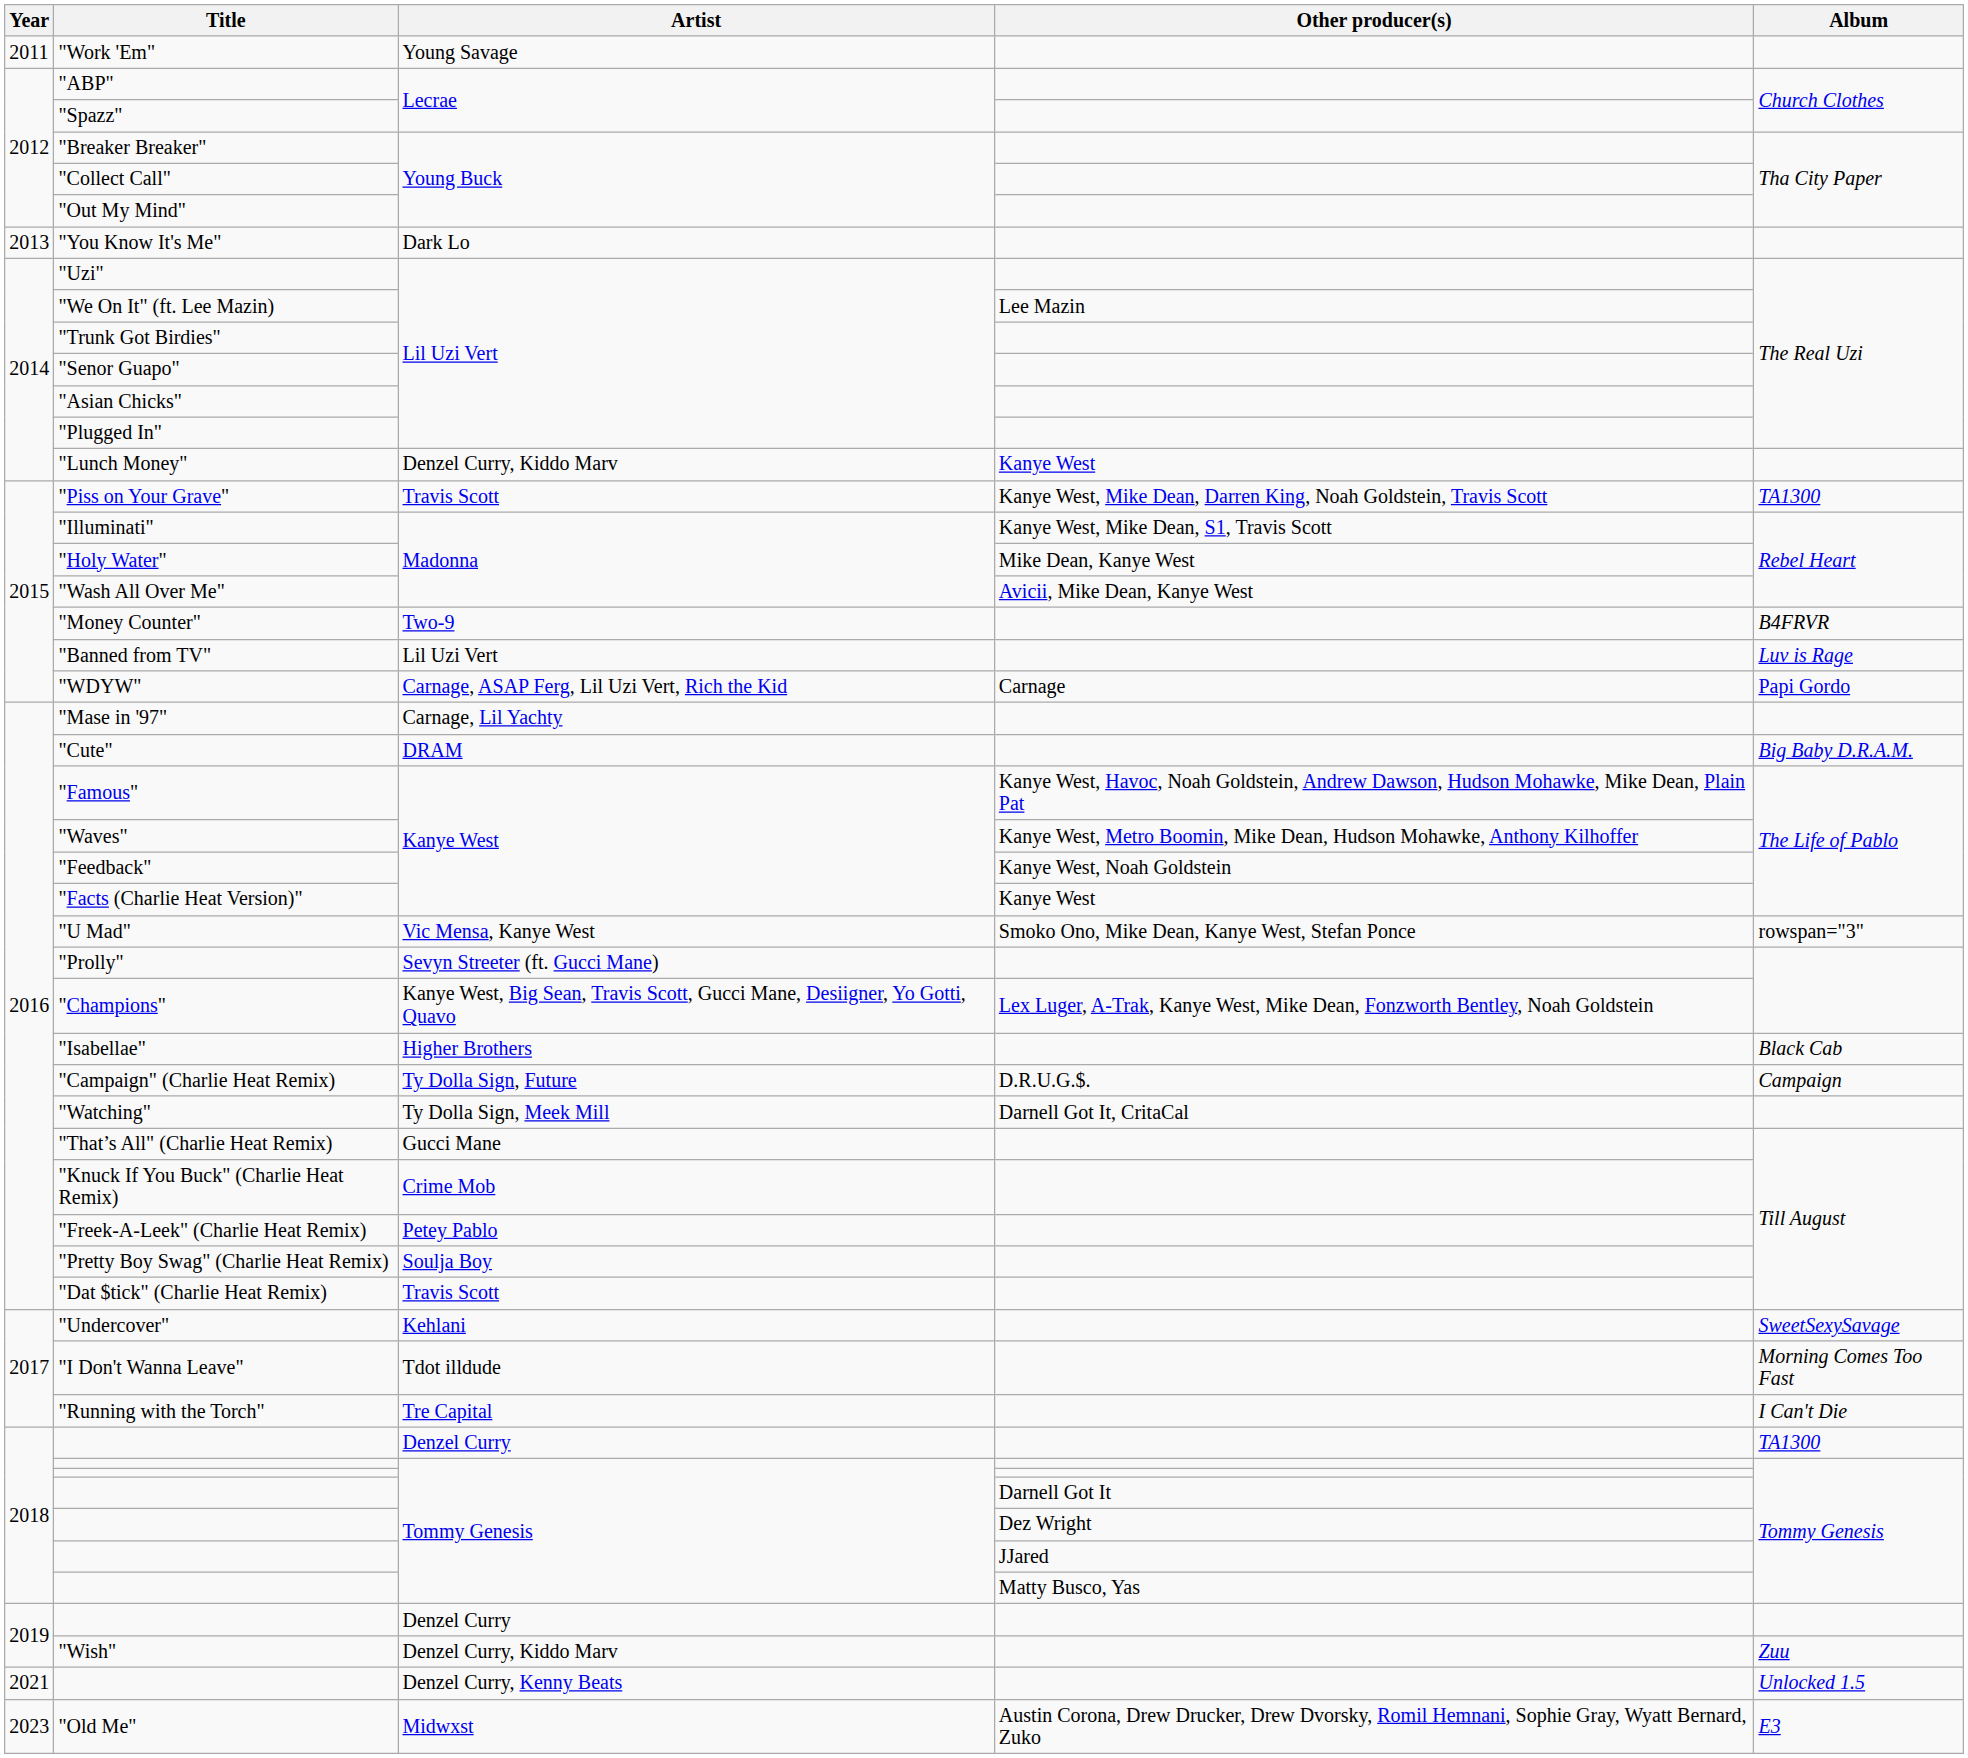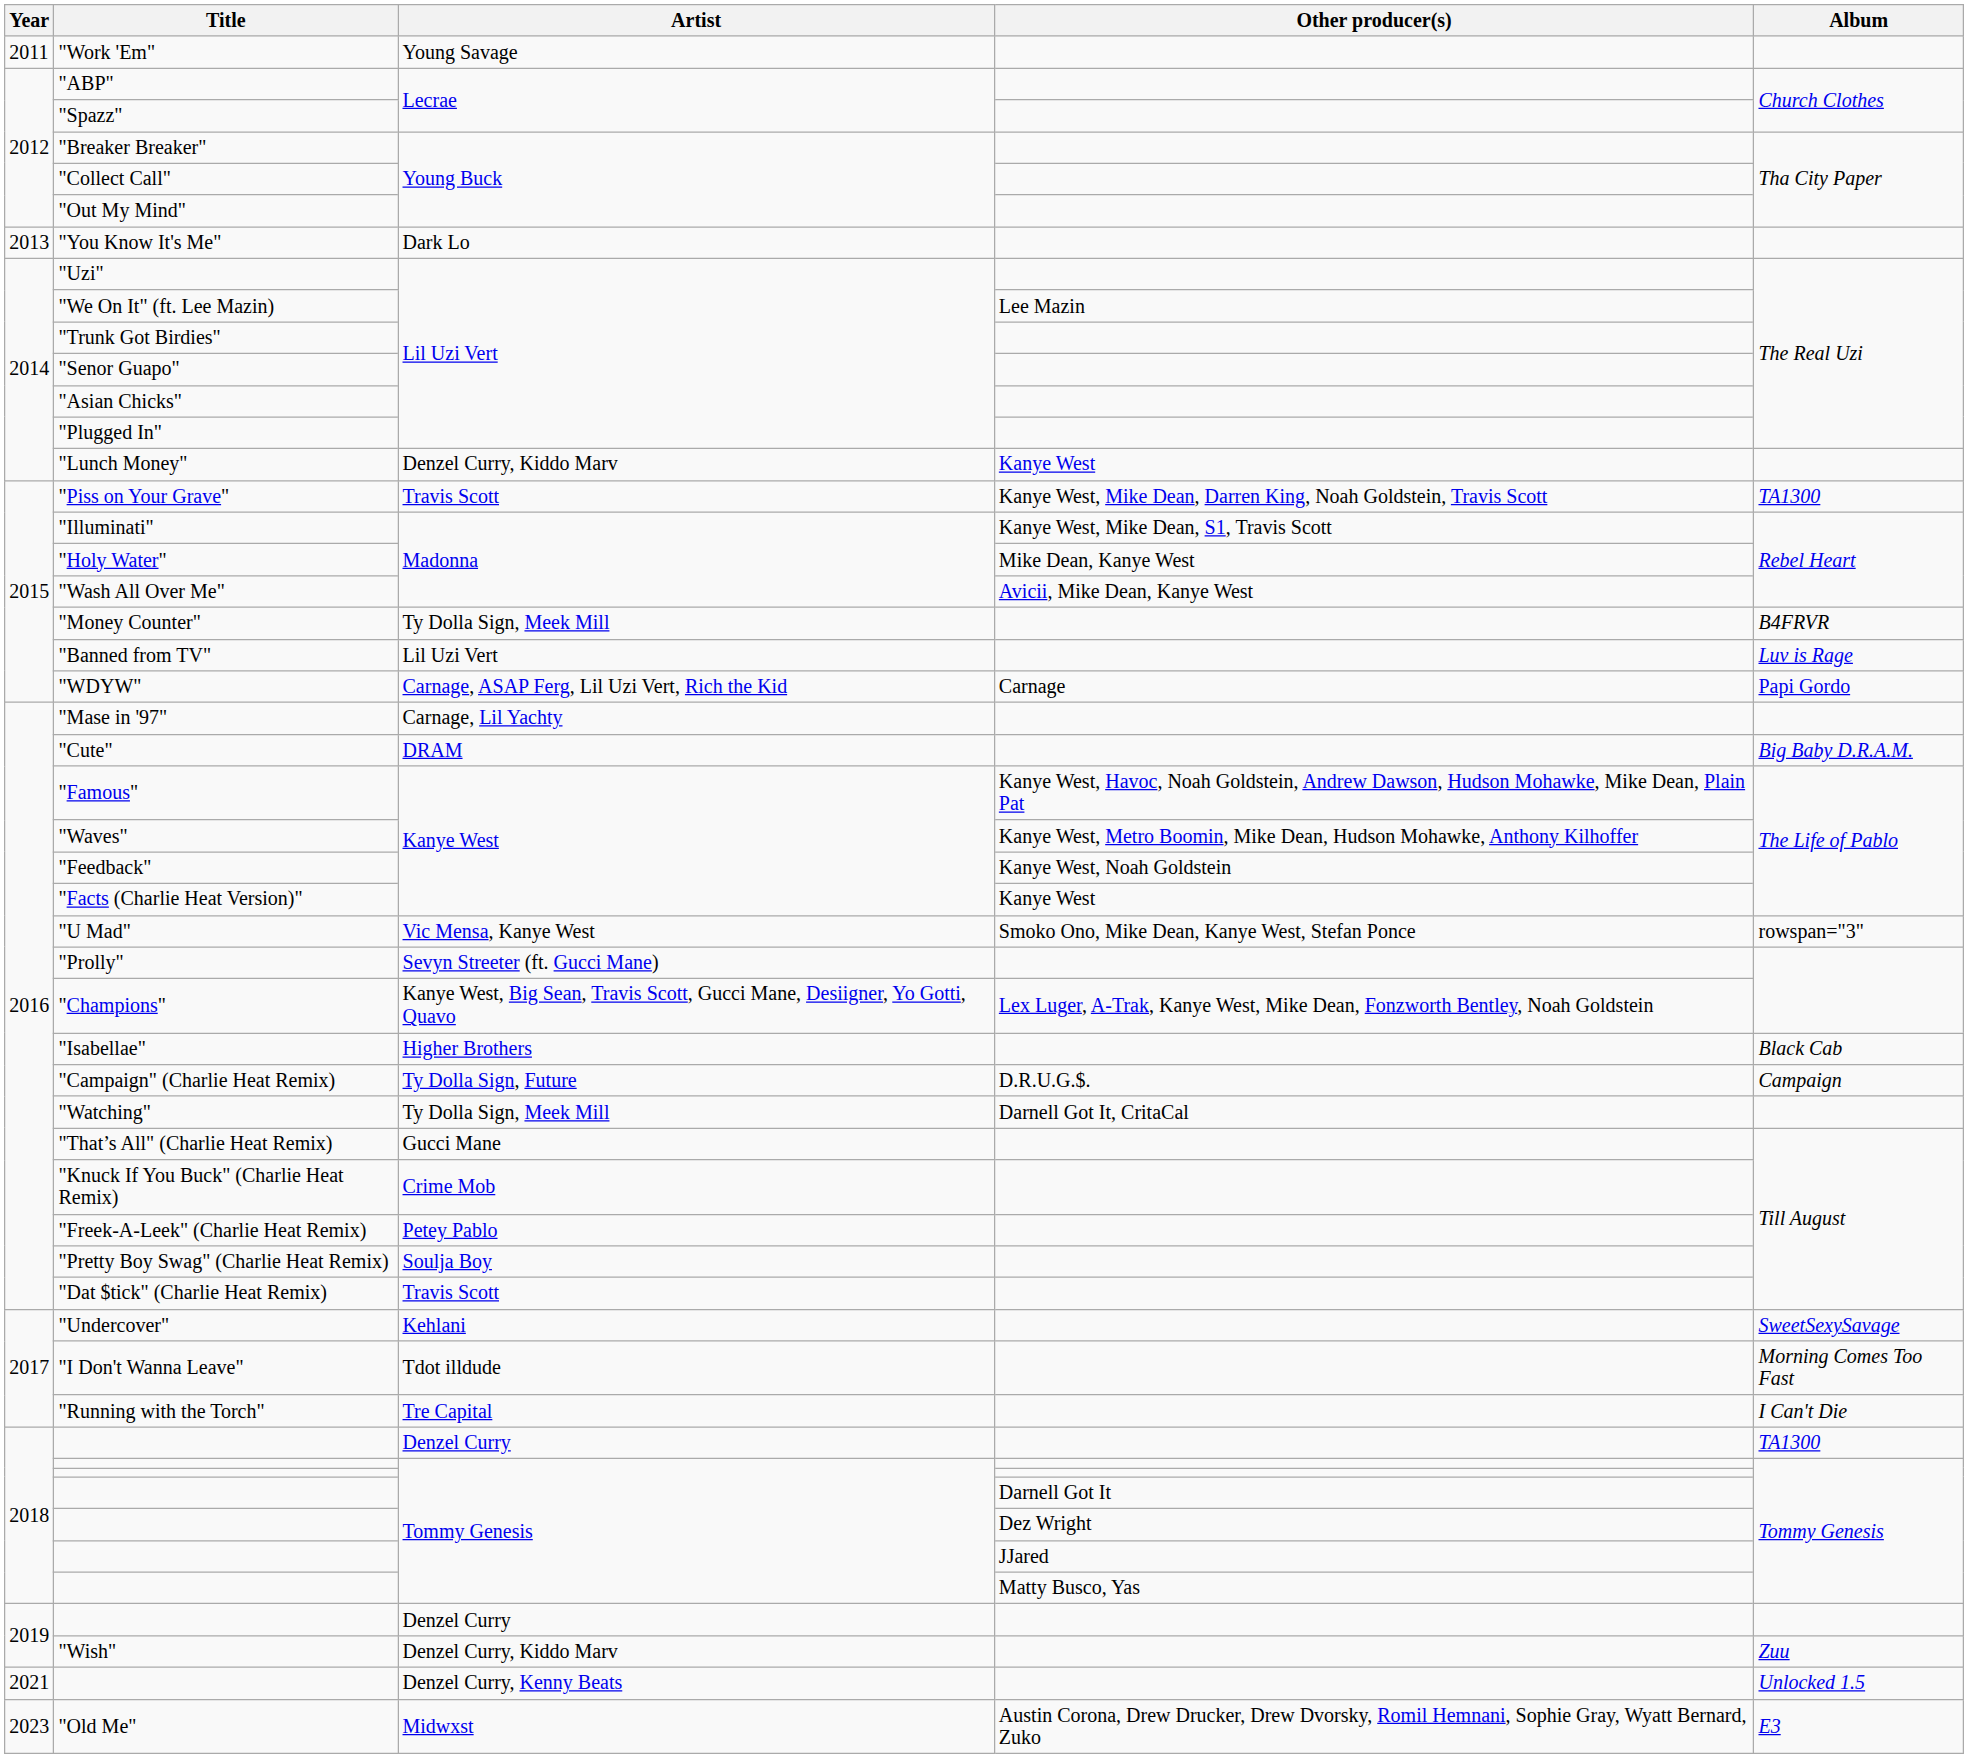 <table class="wikitable mw-collapsible">
 <tr>
 <th>Year</th>
 <th>Title</th>
 <th>Artist</th>
 <th>Other producer(s)</th>
 <th>Album</th>
 </tr>
 <tr>
 <td>2011</td>
 <td>"Work 'Em"</td>
 <td>Young Savage</td>
 <td></td>
 <td></td>
 </tr>
 <tr>
 <td rowspan="5">2012</td>
 <td>"ABP"</td>
 <td rowspan="2"><a href='#'>Lecrae</a></td>
 <td></td>
 <td rowspan="2"><em><a href='#'>Church Clothes</a></em></td>
 </tr>
 <tr>
 <td>"Spazz"</td>
 <td></td>
 </tr>
 <tr>
 <td>"Breaker Breaker"</td>
 <td rowspan="3"><a href='#'>Young Buck</a></td>
 <td></td>
 <td rowspan="3"><em>Tha City Paper</em></td>
 </tr>
 <tr>
 <td>"Collect Call"</td>
 <td></td>
 </tr>
 <tr>
 <td>"Out My Mind"</td>
 <td></td>
 </tr>
 <tr>
 <td>2013</td>
 <td>"You Know It's Me"</td>
 <td>Dark Lo</td>
 <td></td>
 <td></td>
 </tr>
 <tr>
 <td rowspan="7">2014</td>
 <td>"Uzi"</td>
 <td rowspan="6"><a href='#'>Lil Uzi Vert</a></td>
 <td></td>
 <td rowspan="6"><em>The Real Uzi</em></td>
 </tr>
 <tr>
 <td>"We On It" (ft. Lee Mazin)</td>
 <td>Lee Mazin</td>
 </tr>
 <tr>
 <td>"Trunk Got Birdies"</td>
 <td></td>
 </tr>
 <tr>
 <td>"Senor Guapo"</td>
 <td></td>
 </tr>
 <tr>
 <td>"Asian Chicks"</td>
 <td></td>
 </tr>
 <tr>
 <td>"Plugged In"</td>
 <td></td>
 </tr>
 <tr>
 <td>"Lunch Money"</td>
 <td>Denzel Curry, Kiddo Marv</td>
 <td><a href='#'>Kanye West</a></td>
 <td></td>
 </tr>
 <tr>
 <td rowspan="7">2015</td>
 <td>"<a href='#'>Piss on Your Grave</a>"</td>
 <td><a href='#'>Travis Scott</a></td>
 <td>Kanye West, <a href='#'>Mike Dean</a>, <a href='#'>Darren King</a>, Noah Goldstein, <a href='#'>Travis Scott</a></td>
 <td><em><a href='#'>TA1300</a></em></td>
 </tr>
 <tr>
 <td>"Illuminati"</td>
 <td rowspan="3"><a href='#'>Madonna</a></td>
 <td>Kanye West, Mike Dean, <a href='#'>S1</a>, Travis Scott</td>
 <td rowspan="3"><em><a href='#'>Rebel Heart</a></em></td>
 </tr>
 <tr>
 <td>"<a href='#'>Holy Water</a>"</td>
 <td>Mike Dean, Kanye West</td>
 </tr>
 <tr>
 <td>"Wash All Over Me"</td>
 <td><a href='#'>Avicii</a>, Mike Dean, Kanye West</td>
 </tr>
 <tr>
 <td>"Money Counter"</td>
-<td><a href='#'>Two-9</a></td>
+<td>Ty Dolla Sign, <a href='#'>Meek Mill</a></td>
 <td></td>
 <td><em>B4FRVR</em></td>
 </tr>
 <tr>
 <td>"Banned from TV"</td>
 <td>Lil Uzi Vert</td>
 <td></td>
 <td><em><a href='#'>Luv is Rage</a></em></td>
 </tr>
 <tr>
 <td>"WDYW"</td>
 <td><a href='#'>Carnage</a>, <a href='#'>ASAP Ferg</a>, Lil Uzi Vert, <a href='#'>Rich the Kid</a></td>
 <td>Carnage</td>
 <td><a href='#'>Papi Gordo</a></td>
 </tr>
 <tr>
 <td rowspan="17">2016</td>
 <td>"Mase in '97"</td>
 <td>Carnage, <a href='#'>Lil Yachty</a></td>
 <td></td>
 <td></td>
 </tr>
 <tr>
 <td>"Cute"</td>
 <td><a href='#'>DRAM</a></td>
 <td></td>
 <td><em><a href='#'>Big Baby D.R.A.M.</a></em></td>
 </tr>
 <tr>
 <td>"<a href='#'>Famous</a>"</td>
 <td rowspan="4"><a href='#'>Kanye West</a></td>
 <td>Kanye West, <a href='#'>Havoc</a>, Noah Goldstein, <a href='#'>Andrew Dawson</a>, <a href='#'>Hudson Mohawke</a>, Mike Dean, <a href='#'>Plain Pat</a></td>
 <td rowspan="4"><em><a href='#'>The Life of Pablo</a></em></td>
 </tr>
 <tr>
 <td>"Waves"</td>
 <td>Kanye West, <a href='#'>Metro Boomin</a>, Mike Dean, Hudson Mohawke, <a href='#'>Anthony Kilhoffer</a></td>
 </tr>
 <tr>
 <td>"Feedback"</td>
 <td>Kanye West, Noah Goldstein</td>
 </tr>
 <tr>
 <td>"<a href='#'>Facts</a> (Charlie Heat Version)"</td>
 <td>Kanye West</td>
 </tr>
 <tr>
 <td>"U Mad"</td>
 <td><a href='#'>Vic Mensa</a>, Kanye West</td>
 <td>Smoko Ono, Mike Dean, Kanye West, Stefan Ponce</td>
 <td>rowspan="3" </td>
 </tr>
 <tr>
 <td>"Prolly"</td>
 <td><a href='#'>Sevyn Streeter</a> (ft. <a href='#'>Gucci Mane</a>)</td>
 <td></td>
 </tr>
 <tr>
 <td>"<a href='#'>Champions</a>"</td>
 <td>Kanye West, <a href='#'>Big Sean</a>, <a href='#'>Travis Scott</a>, Gucci Mane, <a href='#'>Desiigner</a>, <a href='#'>Yo Gotti</a>, <a href='#'>Quavo</a></td>
 <td><a href='#'>Lex Luger</a>, <a href='#'>A-Trak</a>, Kanye West, Mike Dean, <a href='#'>Fonzworth Bentley</a>, Noah Goldstein</td>
 </tr>
 <tr>
 <td>"Isabellae"</td>
 <td><a href='#'>Higher Brothers</a></td>
 <td></td>
 <td><em>Black Cab</em></td>
 </tr>
 <tr>
 <td>"Campaign" (Charlie Heat Remix)</td>
 <td><a href='#'>Ty Dolla Sign</a>, <a href='#'>Future</a></td>
 <td>D.R.U.G.$.</td>
 <td><em>Campaign</em></td>
 </tr>
 <tr>
 <td>"Watching"</td>
 <td>Ty Dolla Sign, <a href='#'>Meek Mill</a></td>
 <td>Darnell Got It, CritaCal</td>
 <td></td>
 </tr>
 <tr>
 <td>"That’s All" (Charlie Heat Remix)</td>
 <td>Gucci Mane</td>
 <td></td>
 <td rowspan="5"><em>Till August</em></td>
 </tr>
 <tr>
 <td>"Knuck If You Buck" (Charlie Heat Remix)</td>
 <td><a href='#'>Crime Mob</a></td>
 <td></td>
 </tr>
 <tr>
 <td>"Freek-A-Leek" (Charlie Heat Remix)</td>
 <td><a href='#'>Petey Pablo</a></td>
 <td></td>
 </tr>
 <tr>
 <td>"Pretty Boy Swag" (Charlie Heat Remix)</td>
 <td><a href='#'>Soulja Boy</a></td>
 <td></td>
 </tr>
 <tr>
 <td>"Dat $tick" (Charlie Heat Remix)</td>
 <td><a href='#'>Travis Scott</a></td>
 <td></td>
 </tr>
 <tr>
 <td rowspan="3">2017</td>
 <td>"Undercover"</td>
 <td><a href='#'>Kehlani</a></td>
 <td></td>
 <td><em><a href='#'>SweetSexySavage</a></em></td>
 </tr>
 <tr>
 <td>"I Don't Wanna Leave"</td>
 <td>Tdot illdude</td>
 <td></td>
 <td><em>Morning Comes Too Fast</em></td>
 </tr>
 <tr>
 <td>"Running with the Torch"</td>
 <td><a href='#'>Tre Capital</a></td>
 <td></td>
 <td><em>I Can't Die</em></td>
 </tr>
 <tr>
 <td rowspan="7">2018</td>
 <td></td>
 <td><a href='#'>Denzel Curry</a></td>
 <td></td>
 <td><em><a href='#'>TA1300</a></em></td>
 </tr>
 <tr>
 <td></td>
 <td rowspan="6"><a href='#'>Tommy Genesis</a></td>
 <td></td>
 <td rowspan="6"><em><a href='#'>Tommy Genesis</a></em></td>
 </tr>
 <tr>
 <td></td>
 <td></td>
 </tr>
 <tr>
 <td></td>
 <td>Darnell Got It</td>
 </tr>
 <tr>
 <td></td>
 <td>Dez Wright</td>
 </tr>
 <tr>
 <td></td>
 <td>JJared</td>
 </tr>
 <tr>
 <td></td>
 <td>Matty Busco, Yas</td>
 </tr>
 <tr>
 <td rowspan="2">2019</td>
 <td></td>
 <td>Denzel Curry</td>
 <td></td>
 <td></td>
 </tr>
 <tr>
 <td>"Wish"</td>
 <td>Denzel Curry, Kiddo Marv</td>
 <td></td>
 <td><em><a href='#'>Zuu</a></em></td>
 </tr>
 <tr>
 <td rowspan="1">2021</td>
 <td></td>
 <td>Denzel Curry, <a href='#'>Kenny Beats</a></td>
 <td></td>
 <td><a href='#'><em>Unlocked 1.5</em></a></td>
 </tr>
 <tr>
 <td>2023</td>
 <td>"Old Me"</td>
 <td><a href='#'>Midwxst</a></td>
 <td>Austin Corona, Drew Drucker, Drew Dvorsky, <a href='#'>Romil Hemnani</a>, Sophie Gray, Wyatt Bernard, Zuko</td>
 <td><em><a href='#'>E3</a></em></td>
 </tr>
 </table>
